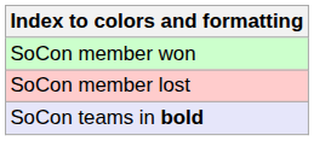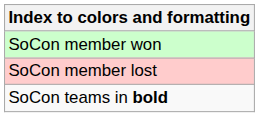 <table class="wikitable">
 <tr>
 <th>Index to colors and formatting</th>
 </tr>
 <tr bgcolor= #ccffcc>
 <td>SoCon member won</td>
 </tr>
 <tr bgcolor=#ffcccc>
 <td>SoCon member lost</td>
 </tr>
 <tr>
-<td style="background: lavender;">SoCon teams in <strong>bold</strong></td>
+<td>SoCon teams in <strong>bold</strong></td>
 </tr>
 </table>
